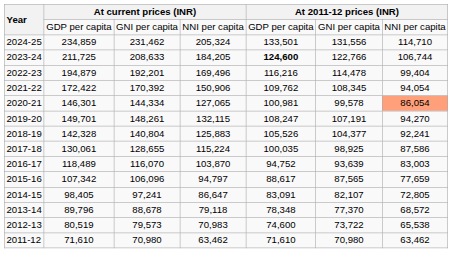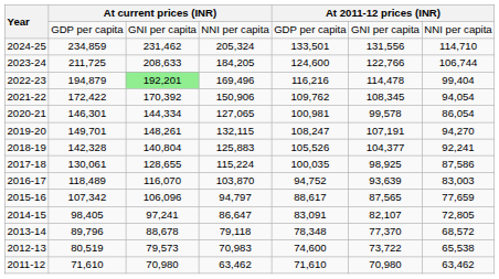 <table class="wikitable" style="text-align: center;">
 <tr>
 <th style="text-align: left;" Rowspan=2>Year</th>
 <th colspan="3">At current prices (INR)</th>
 <th colspan="3">At 2011-12 prices (INR)</th>
 </tr>
 <tr>
 <td style="text-align: left;">GDP per capita</td>
 <td>GNI per capita</td>
 <td>NNI per capita</td>
 <td>GDP per capita</td>
 <td>GNI per capita</td>
 <td>NNI per capita</td>
 </tr>
 <tr>
 <td style="text-align: left;">2024-25</td>
 <td>234,859</td>
 <td>231,462</td>
 <td>205,324</td>
 <td>133,501</td>
 <td>131,556</td>
 <td>114,710</td>
 </tr>
 <tr>
 <td style="text-align: left;">2023-24</td>
 <td>211,725</td>
 <td>208,633</td>
 <td>184,205</td>
-<td><strong>124,600</strong></td>
+<td>124,600</td>
 <td>122,766</td>
 <td>106,744</td>
 </tr>
 <tr>
 <td style="text-align: left;">2022-23</td>
 <td>194,879</td>
-<td>192,201</td>
+<td style="background: lightgreen;">192,201</td>
 <td>169,496</td>
 <td>116,216</td>
 <td>114,478</td>
 <td>99,404</td>
 </tr>
 <tr>
 <td style="text-align: left;">2021-22</td>
 <td>172,422</td>
 <td>170,392</td>
 <td>150,906</td>
 <td>109,762</td>
 <td>108,345</td>
 <td>94,054</td>
 </tr>
 <tr>
 <td style="text-align: left;">2020-21</td>
 <td>146,301</td>
 <td>144,334</td>
 <td>127,065</td>
 <td>100,981</td>
 <td>99,578</td>
-<td style="background: lightsalmon;">86,054</td>
+<td>86,054</td>
 </tr>
 <tr>
 <td style="text-align: left;">2019-20</td>
 <td>149,701</td>
 <td>148,261</td>
 <td>132,115</td>
 <td>108,247</td>
 <td>107,191</td>
 <td>94,270</td>
 </tr>
 <tr>
 <td style="text-align: left;">2018-19</td>
 <td>142,328</td>
 <td>140,804</td>
 <td>125,883</td>
 <td>105,526</td>
 <td>104,377</td>
 <td>92,241</td>
 </tr>
 <tr>
 <td style="text-align: left;">2017-18</td>
 <td>130,061</td>
 <td>128,655</td>
 <td>115,224</td>
 <td>100,035</td>
 <td>98,925</td>
 <td>87,586</td>
 </tr>
 <tr>
 <td style="text-align: left;">2016-17</td>
 <td>118,489</td>
 <td>116,070</td>
 <td>103,870</td>
 <td>94,752</td>
 <td>93,639</td>
 <td>83,003</td>
 </tr>
 <tr>
 <td style="text-align: left;">2015-16</td>
 <td>107,342</td>
 <td>106,096</td>
 <td>94,797</td>
 <td>88,617</td>
 <td>87,565</td>
 <td>77,659</td>
 </tr>
 <tr>
 <td style="text-align: left;">2014-15</td>
 <td>98,405</td>
 <td>97,241</td>
 <td>86,647</td>
 <td>83,091</td>
 <td>82,107</td>
 <td>72,805</td>
 </tr>
 <tr>
 <td style="text-align: left;">2013-14</td>
 <td>89,796</td>
 <td>88,678</td>
 <td>79,118</td>
 <td>78,348</td>
 <td>77,370</td>
 <td>68,572</td>
 </tr>
 <tr>
 <td style="text-align: left;">2012-13</td>
 <td>80,519</td>
 <td>79,573</td>
 <td>70,983</td>
 <td>74,600</td>
 <td>73,722</td>
 <td>65,538</td>
 </tr>
 <tr>
 <td style="text-align: left;">2011-12</td>
 <td>71,610</td>
 <td>70,980</td>
 <td>63,462</td>
 <td>71,610</td>
 <td>70,980</td>
 <td>63,462</td>
 </tr>
 </table>
